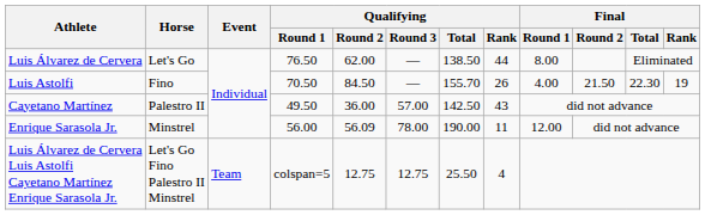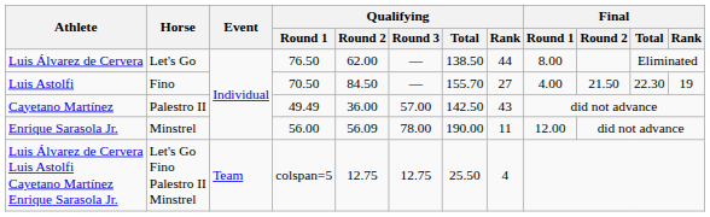 <table class=wikitable style="font-size:90%">
 <tr>
 <th rowspan="2">Athlete</th>
 <th rowspan="2">Horse</th>
 <th rowspan="2">Event</th>
 <th colspan="5">Qualifying</th>
 <th colspan="5">Final</th>
 </tr>
 <tr style="font-size:95%">
 <th>Round 1</th>
 <th>Round 2</th>
 <th>Round 3</th>
 <th>Total</th>
 <th>Rank</th>
 <th>Round 1</th>
 <th>Round 2</th>
 <th>Total</th>
 <th>Rank</th>
 </tr>
 <tr align=center>
 <td align=left><a href='#'>Luis Álvarez de Cervera</a></td>
 <td align=left>Let's Go</td>
 <td rowspan=4 align=left><a href='#'>Individual</a></td>
 <td>76.50</td>
 <td>62.00</td>
 <td>—</td>
 <td>138.50</td>
 <td>44</td>
 <td>8.00</td>
 <td></td>
 <td colspan=2>Eliminated</td>
 </tr>
 <tr align=center>
 <td align=left><a href='#'>Luis Astolfi</a></td>
 <td align=left>Fino</td>
 <td>70.50</td>
 <td>84.50</td>
 <td>—</td>
 <td>155.70</td>
-<td>26</td>
+<td>27</td>
 <td>4.00</td>
 <td>21.50</td>
 <td>22.30</td>
 <td>19</td>
 </tr>
 <tr align=center>
 <td align=left><a href='#'>Cayetano Martínez</a></td>
 <td align=left>Palestro II</td>
-<td>49.50</td>
+<td>49.49</td>
 <td>36.00</td>
 <td>57.00</td>
 <td>142.50</td>
 <td>43</td>
 <td colspan=5>did not advance</td>
 </tr>
 <tr align=center>
 <td align=left><a href='#'>Enrique Sarasola Jr.</a></td>
 <td align=left>Minstrel</td>
 <td>56.00</td>
 <td>56.09</td>
 <td>78.00</td>
 <td>190.00</td>
 <td>11</td>
 <td>12.00</td>
 <td colspan=4>did not advance</td>
 </tr>
 <tr align=center>
 <td align=left><a href='#'>Luis Álvarez de Cervera</a><br><a href='#'>Luis Astolfi</a><br><a href='#'>Cayetano Martínez</a><br><a href='#'>Enrique Sarasola Jr.</a></td>
 <td align=left>Let's Go<br>Fino<br>Palestro II<br>Minstrel</td>
 <td rowspan=4 align=left><a href='#'>Team</a></td>
 <td>colspan=5 </td>
 <td>12.75</td>
 <td>12.75</td>
 <td>25.50</td>
 <td>4</td>
 </tr>
 </table>
